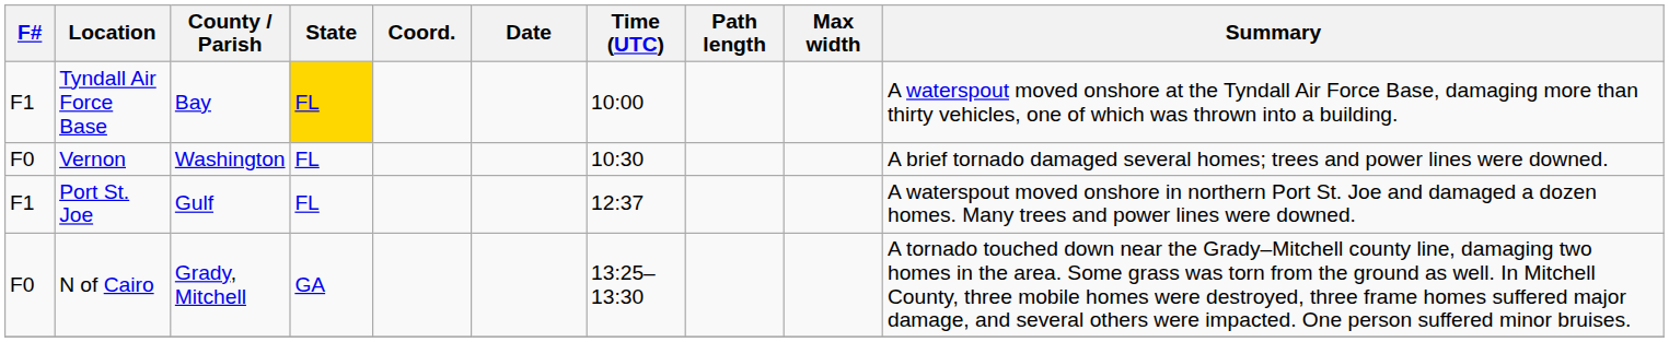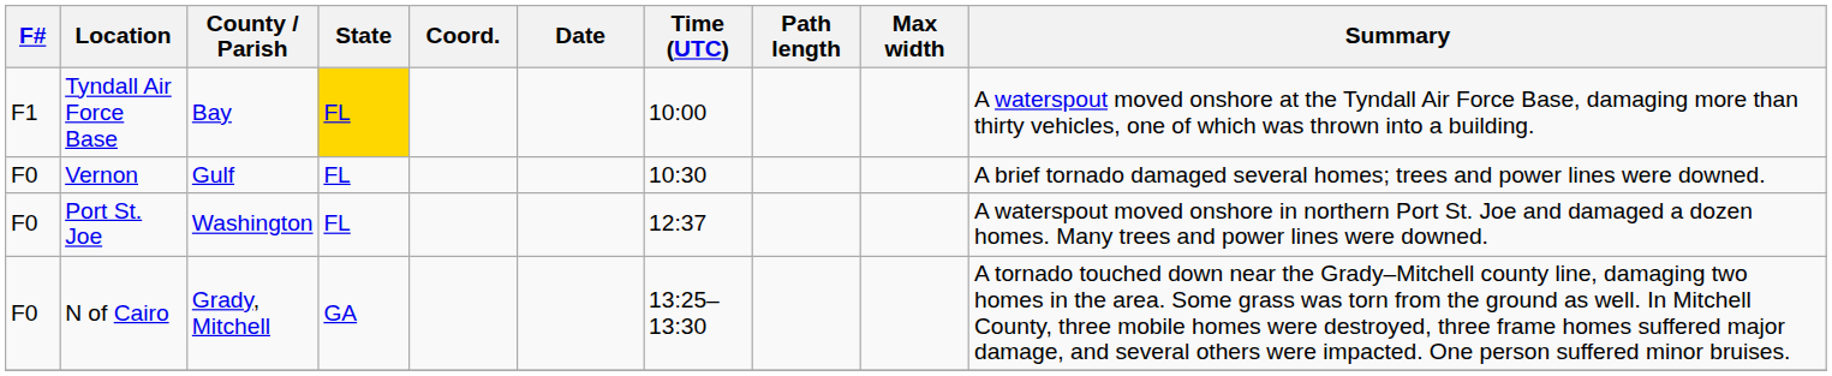 <table class="wikitable sortable" style="width:100%;">
 <tr>
 <th scope="col" width="3%" align="center"><a href='#'>F#</a></th>
 <th scope="col" width="7%" align="center" class="unsortable">Location</th>
 <th scope="col" width="6%" align="center" class="unsortable">County / Parish</th>
 <th scope="col" width="5%" align="center">State</th>
 <th scope="col" width="6%" align="center">Coord.</th>
 <th scope="col" width="7%" align="center">Date</th>
 <th scope="col" width="6%" align="center">Time (<a href='#'>UTC</a>)</th>
 <th scope="col" width="6%" align="center">Path length</th>
 <th scope="col" width="6%" align="center">Max width</th>
 <th scope="col" width="48%" class="unsortable" align="center">Summary</th>
 </tr>
 <tr>
 <td>F1</td>
 <td><a href='#'>Tyndall Air Force Base</a></td>
 <td><a href='#'>Bay</a></td>
 <td style="background: gold;"><a href='#'>FL</a></td>
 <td></td>
 <td></td>
 <td>10:00</td>
 <td></td>
 <td></td>
 <td>A <a href='#'>waterspout</a> moved onshore at the Tyndall Air Force Base, damaging more than thirty vehicles, one of which was thrown into a building.</td>
 </tr>
 <tr>
 <td>F0</td>
 <td><a href='#'>Vernon</a></td>
-<td><a href='#'>Washington</a></td>
+<td><a href='#'>Gulf</a></td>
 <td><a href='#'>FL</a></td>
 <td></td>
 <td></td>
 <td>10:30</td>
 <td></td>
 <td></td>
 <td>A brief tornado damaged several homes; trees and power lines were downed.</td>
 </tr>
 <tr>
-<td>F1</td>
+<td>F0</td>
 <td><a href='#'>Port St. Joe</a></td>
-<td><a href='#'>Gulf</a></td>
+<td><a href='#'>Washington</a></td>
 <td><a href='#'>FL</a></td>
 <td></td>
 <td></td>
 <td>12:37</td>
 <td></td>
 <td></td>
 <td>A waterspout moved onshore in northern Port St. Joe and damaged a dozen homes. Many trees and power lines were downed.</td>
 </tr>
 <tr>
 <td>F0</td>
 <td>N of <a href='#'>Cairo</a></td>
 <td><a href='#'>Grady</a>, <a href='#'>Mitchell</a></td>
 <td><a href='#'>GA</a></td>
 <td></td>
 <td></td>
 <td>13:25–13:30</td>
 <td></td>
 <td></td>
 <td>A tornado touched down near the Grady–Mitchell county line, damaging two homes in the area. Some grass was torn from the ground as well. In Mitchell County, three mobile homes were destroyed, three frame homes suffered major damage, and several others were impacted. One person suffered minor bruises.</td>
 </tr>
 <tr>
 </tr>
 </table>
